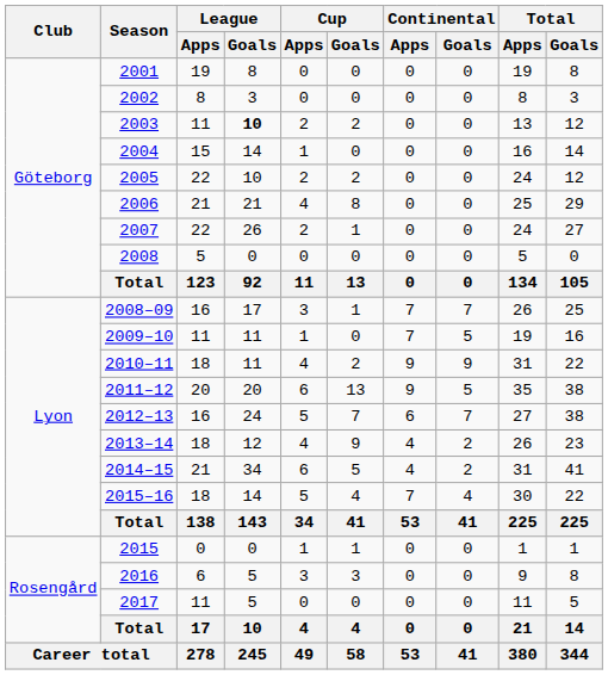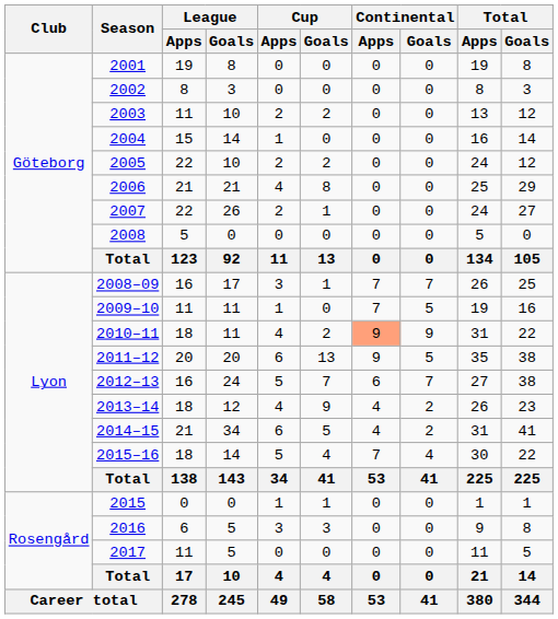 <table class="wikitable" style="text-align: center;">
 <tr>
 <th rowspan="2">Club</th>
 <th rowspan="2">Season</th>
 <th colspan="2">League</th>
 <th colspan="2">Cup</th>
 <th colspan="2">Continental</th>
 <th colspan="2">Total</th>
 </tr>
 <tr>
 <th>Apps</th>
 <th>Goals</th>
 <th>Apps</th>
 <th>Goals</th>
 <th>Apps</th>
 <th>Goals</th>
 <th>Apps</th>
 <th>Goals</th>
 </tr>
 <tr>
 <td rowspan="9" valign="center"><a href='#'>Göteborg</a></td>
 <td><a href='#'>2001</a></td>
 <td>19</td>
 <td>8</td>
 <td>0</td>
 <td>0</td>
 <td>0</td>
 <td>0</td>
 <td>19</td>
 <td>8</td>
 </tr>
 <tr>
 <td><a href='#'>2002</a></td>
 <td>8</td>
 <td>3</td>
 <td>0</td>
 <td>0</td>
 <td>0</td>
 <td>0</td>
 <td>8</td>
 <td>3</td>
 </tr>
 <tr>
 <td><a href='#'>2003</a></td>
 <td>11</td>
-<td><strong>10</strong></td>
+<td>10</td>
 <td>2</td>
 <td>2</td>
 <td>0</td>
 <td>0</td>
 <td>13</td>
 <td>12</td>
 </tr>
 <tr>
 <td><a href='#'>2004</a></td>
 <td>15</td>
 <td>14</td>
 <td>1</td>
 <td>0</td>
 <td>0</td>
 <td>0</td>
 <td>16</td>
 <td>14</td>
 </tr>
 <tr>
 <td><a href='#'>2005</a></td>
 <td>22</td>
 <td>10</td>
 <td>2</td>
 <td>2</td>
 <td>0</td>
 <td>0</td>
 <td>24</td>
 <td>12</td>
 </tr>
 <tr>
 <td><a href='#'>2006</a></td>
 <td>21</td>
 <td>21</td>
 <td>4</td>
 <td>8</td>
 <td>0</td>
 <td>0</td>
 <td>25</td>
 <td>29</td>
 </tr>
 <tr>
 <td><a href='#'>2007</a></td>
 <td>22</td>
 <td>26</td>
 <td>2</td>
 <td>1</td>
 <td>0</td>
 <td>0</td>
 <td>24</td>
 <td>27</td>
 </tr>
 <tr>
 <td><a href='#'>2008</a></td>
 <td>5</td>
 <td>0</td>
 <td>0</td>
 <td>0</td>
 <td>0</td>
 <td>0</td>
 <td>5</td>
 <td>0</td>
 </tr>
 <tr>
 <th>Total</th>
 <th>123</th>
 <th>92</th>
 <th>11</th>
 <th>13</th>
 <th>0</th>
 <th>0</th>
 <th>134</th>
 <th>105</th>
 </tr>
 <tr>
 <td rowspan="9" valign="center"><a href='#'>Lyon</a></td>
 <td><a href='#'>2008–09</a></td>
 <td>16</td>
 <td>17</td>
 <td>3</td>
 <td>1</td>
 <td>7</td>
 <td>7</td>
 <td>26</td>
 <td>25</td>
 </tr>
 <tr>
 <td><a href='#'>2009–10</a></td>
 <td>11</td>
 <td>11</td>
 <td>1</td>
 <td>0</td>
 <td>7</td>
 <td>5</td>
 <td>19</td>
 <td>16</td>
 </tr>
 <tr>
 <td><a href='#'>2010–11</a></td>
 <td>18</td>
 <td>11</td>
 <td>4</td>
 <td>2</td>
-<td>9</td>
+<td style="background: lightsalmon;">9</td>
 <td>9</td>
 <td>31</td>
 <td>22</td>
 </tr>
 <tr>
 <td><a href='#'>2011–12</a></td>
 <td>20</td>
 <td>20</td>
 <td>6</td>
 <td>13</td>
 <td>9</td>
 <td>5</td>
 <td>35</td>
 <td>38</td>
 </tr>
 <tr>
 <td><a href='#'>2012–13</a></td>
 <td>16</td>
 <td>24</td>
 <td>5</td>
 <td>7</td>
 <td>6</td>
 <td>7</td>
 <td>27</td>
 <td>38</td>
 </tr>
 <tr>
 <td><a href='#'>2013–14</a></td>
 <td>18</td>
 <td>12</td>
 <td>4</td>
 <td>9</td>
 <td>4</td>
 <td>2</td>
 <td>26</td>
 <td>23</td>
 </tr>
 <tr>
 <td><a href='#'>2014–15</a></td>
 <td>21</td>
 <td>34</td>
 <td>6</td>
 <td>5</td>
 <td>4</td>
 <td>2</td>
 <td>31</td>
 <td>41</td>
 </tr>
 <tr>
 <td><a href='#'>2015–16</a></td>
 <td>18</td>
 <td>14</td>
 <td>5</td>
 <td>4</td>
 <td>7</td>
 <td>4</td>
 <td>30</td>
 <td>22</td>
 </tr>
 <tr>
 <th>Total</th>
 <th>138</th>
 <th>143</th>
 <th>34</th>
 <th>41</th>
 <th>53</th>
 <th>41</th>
 <th>225</th>
 <th>225</th>
 </tr>
 <tr>
 <td rowspan="4" valign="center"><a href='#'>Rosengård</a></td>
 <td><a href='#'>2015</a></td>
 <td>0</td>
 <td>0</td>
 <td>1</td>
 <td>1</td>
 <td>0</td>
 <td>0</td>
 <td>1</td>
 <td>1</td>
 </tr>
 <tr>
 <td><a href='#'>2016</a></td>
 <td>6</td>
 <td>5</td>
 <td>3</td>
 <td>3</td>
 <td>0</td>
 <td>0</td>
 <td>9</td>
 <td>8</td>
 </tr>
 <tr>
 <td><a href='#'>2017</a></td>
 <td>11</td>
 <td>5</td>
 <td>0</td>
 <td>0</td>
 <td>0</td>
 <td>0</td>
 <td>11</td>
 <td>5</td>
 </tr>
 <tr>
 <th>Total</th>
 <th>17</th>
 <th>10</th>
 <th>4</th>
 <th>4</th>
 <th>0</th>
 <th>0</th>
 <th>21</th>
 <th>14</th>
 </tr>
 <tr>
 <th colspan="2">Career total</th>
 <th>278</th>
 <th>245</th>
 <th>49</th>
 <th>58</th>
 <th>53</th>
 <th>41</th>
 <th>380</th>
 <th>344</th>
 </tr>
 </table>
